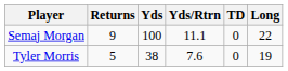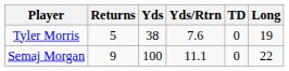 <table class="wikitable sortable sortable" style="text-align: center">
 <tr align=center>
 <th>Player</th>
 <th>Returns</th>
 <th>Yds</th>
 <th>Yds/Rtrn</th>
 <th>TD</th>
 <th>Long</th>
 </tr>
 <tr>
+<td><a href='#'>Tyler Morris</a></td>
+<td>5</td>
+<td>38</td>
+<td>7.6</td>
+<td>0</td>
+<td>19</td>
+</tr>
+<tr>
 <td><a href='#'>Semaj Morgan</a></td>
 <td>9</td>
 <td>100</td>
 <td>11.1</td>
 <td>0</td>
 <td>22</td>
 </tr>
-<tr>
-<td><a href='#'>Tyler Morris</a></td>
-<td>5</td>
-<td>38</td>
-<td>7.6</td>
-<td>0</td>
-<td>19</td>
-</tr>
 </table>
